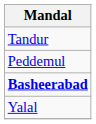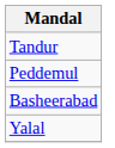 <table class="wikitable sortable static-row-numbers static-row-header-hash">
 <tr>
 <th>Mandal</th>
 </tr>
 <tr>
 <td><a href='#'>Tandur</a></td>
 </tr>
 <tr>
 <td><a href='#'>Peddemul</a></td>
 </tr>
 <tr>
-<td><strong><a href='#'>Basheerabad</a></strong></td>
+<td><a href='#'>Basheerabad</a></td>
 </tr>
 <tr>
 <td><a href='#'>Yalal</a></td>
 </tr>
 <tr>
 </tr>
 </table>
